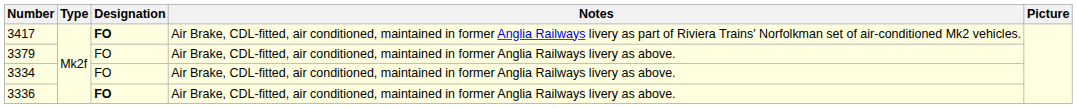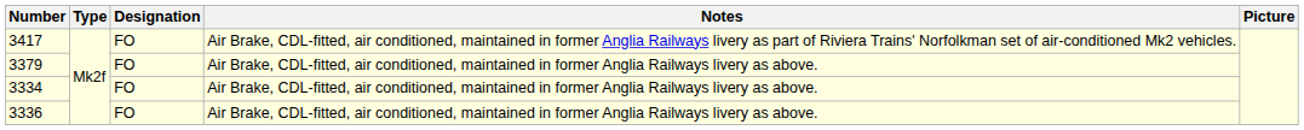 <table class="wikitable">
 <tr>
 <th>Number</th>
 <th>Type</th>
 <th>Designation</th>
 <th>Notes</th>
 <th>Picture</th>
 </tr>
 <tr bgcolor=#FFFFEO>
 <td>3417</td>
 <td rowspan=4>Mk2f</td>
-<td><strong>FO</strong></td>
+<td>FO</td>
 <td>Air Brake, CDL-fitted, air conditioned, maintained in former <a href='#'>Anglia Railways</a> livery as part of Riviera Trains' Norfolkman set of air-conditioned Mk2 vehicles.</td>
 <td rowspan=4></td>
 </tr>
 <tr bgcolor=#FFFFEO>
 <td>3379</td>
 <td>FO</td>
 <td>Air Brake, CDL-fitted, air conditioned, maintained in former Anglia Railways livery as above.</td>
 </tr>
 <tr bgcolor="#FFFFEO">
 <td>3334</td>
 <td>FO</td>
 <td>Air Brake, CDL-fitted, air conditioned, maintained in former Anglia Railways livery as above.</td>
 </tr>
 <tr bgcolor="#FFFFEO">
 <td>3336</td>
-<td><strong>FO</strong></td>
+<td>FO</td>
 <td>Air Brake, CDL-fitted, air conditioned, maintained in former Anglia Railways livery as above.</td>
 </tr>
 </table>
